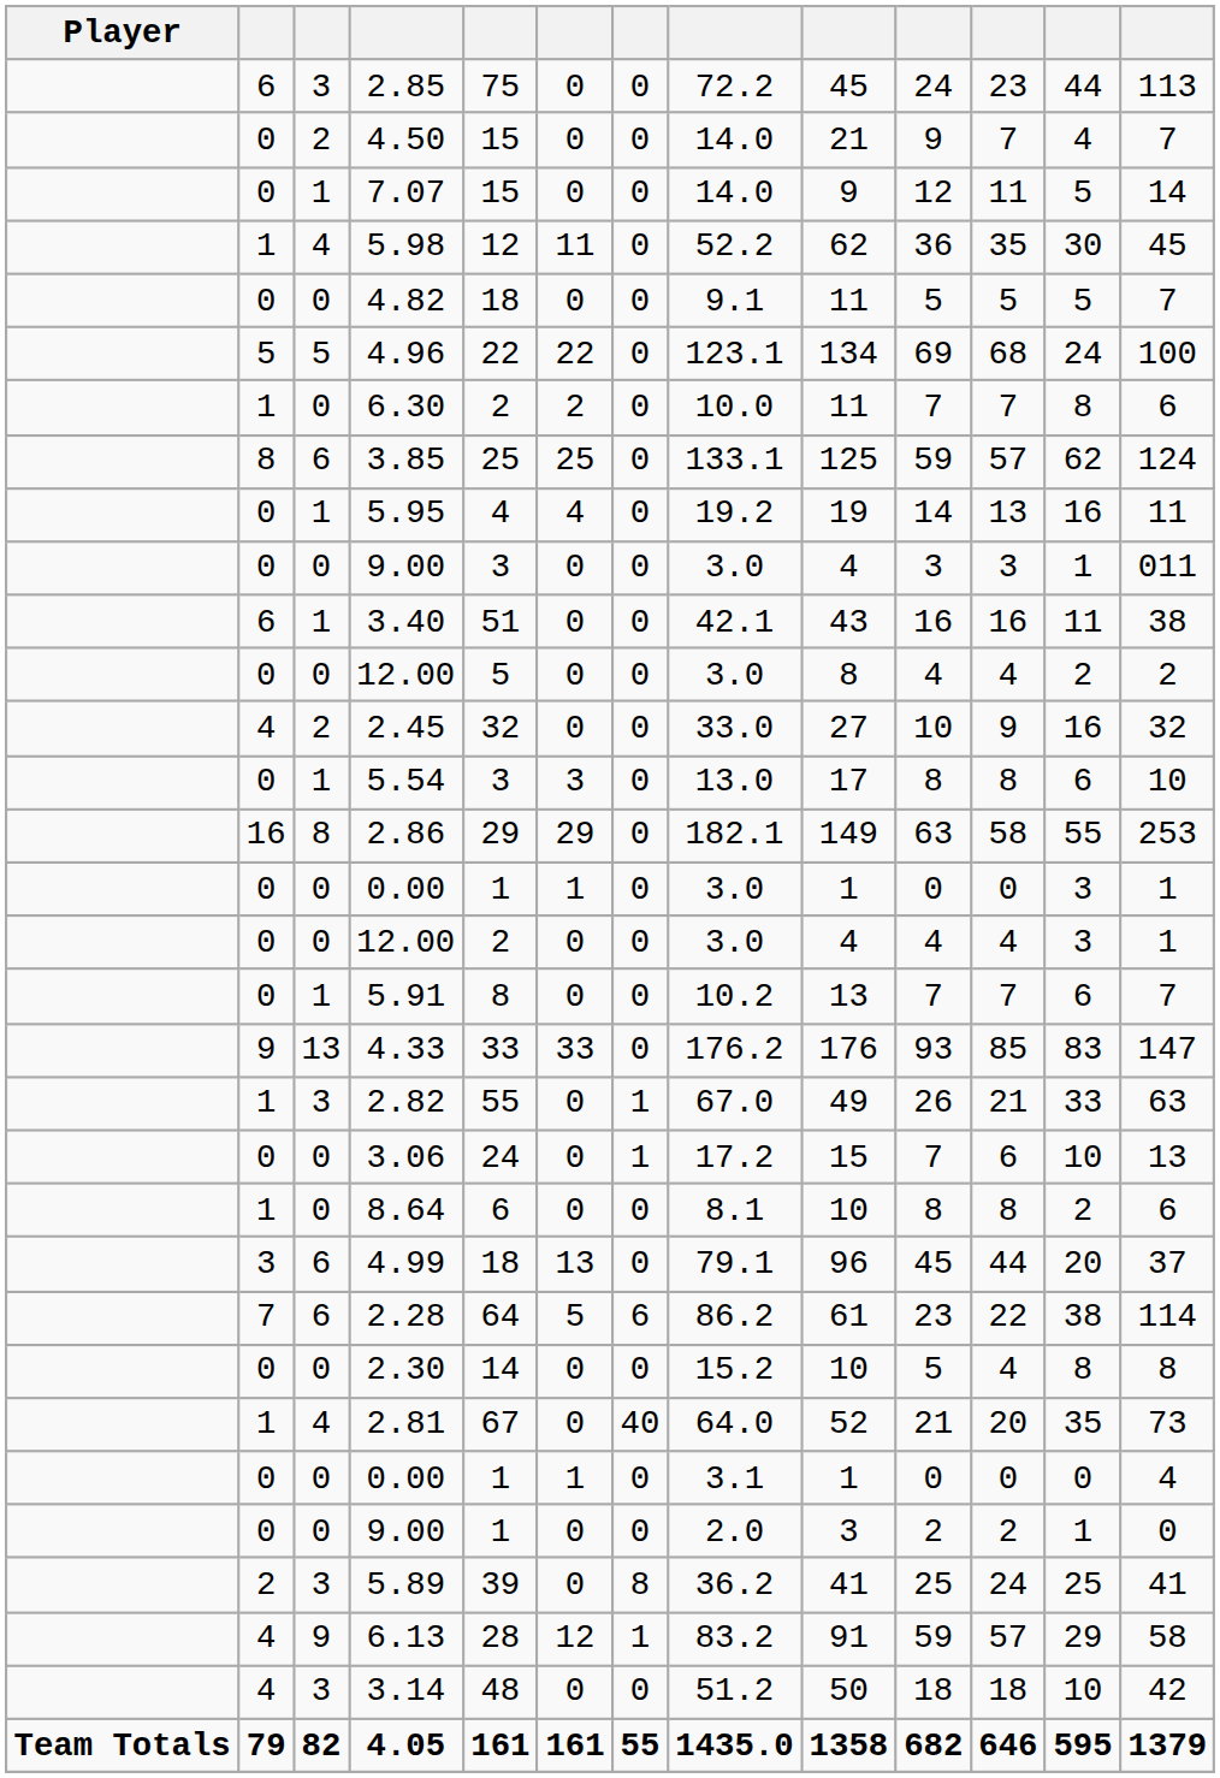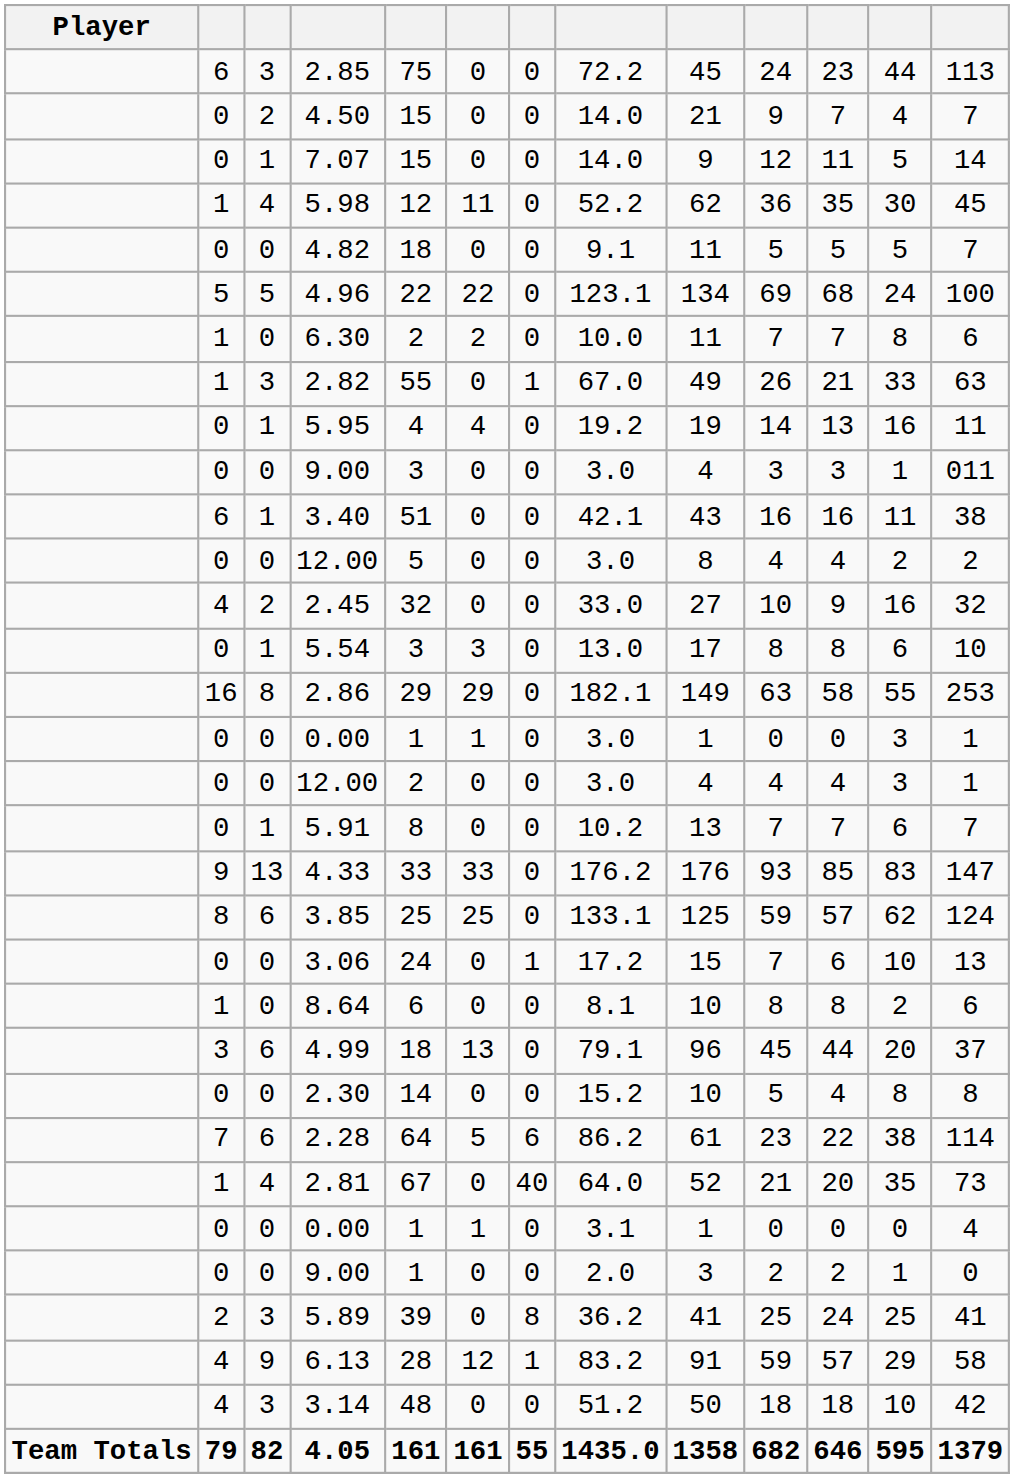 <table class="wikitable sortable" style="text-align:center;">
 <tr>
 <th>Player</th>
 <th></th>
 <th></th>
 <th></th>
 <th></th>
 <th></th>
 <th></th>
 <th></th>
 <th></th>
 <th></th>
 <th></th>
 <th></th>
 <th></th>
 </tr>
 <tr>
 <td align=left></td>
 <td>6</td>
 <td>3</td>
 <td>2.85</td>
 <td>75</td>
 <td>0</td>
 <td>0</td>
 <td>72.2</td>
 <td>45</td>
 <td>24</td>
 <td>23</td>
 <td>44</td>
 <td>113</td>
 </tr>
 <tr>
 <td align=left></td>
 <td>0</td>
 <td>2</td>
 <td>4.50</td>
 <td>15</td>
 <td>0</td>
 <td>0</td>
 <td>14.0</td>
 <td>21</td>
 <td>9</td>
 <td>7</td>
 <td>4</td>
 <td>7</td>
 </tr>
 <tr>
 <td align=left></td>
 <td>0</td>
 <td>1</td>
 <td>7.07</td>
 <td>15</td>
 <td>0</td>
 <td>0</td>
 <td>14.0</td>
 <td>9</td>
 <td>12</td>
 <td>11</td>
 <td>5</td>
 <td>14</td>
 </tr>
 <tr>
 <td align=left></td>
 <td>1</td>
 <td>4</td>
 <td>5.98</td>
 <td>12</td>
 <td>11</td>
 <td>0</td>
 <td>52.2</td>
 <td>62</td>
 <td>36</td>
 <td>35</td>
 <td>30</td>
 <td>45</td>
 </tr>
 <tr>
 <td align=left></td>
 <td>0</td>
 <td>0</td>
 <td>4.82</td>
 <td>18</td>
 <td>0</td>
 <td>0</td>
 <td>9.1</td>
 <td>11</td>
 <td>5</td>
 <td>5</td>
 <td>5</td>
 <td>7</td>
 </tr>
 <tr>
 <td align=left></td>
 <td>5</td>
 <td>5</td>
 <td>4.96</td>
 <td>22</td>
 <td>22</td>
 <td>0</td>
 <td>123.1</td>
 <td>134</td>
 <td>69</td>
 <td>68</td>
 <td>24</td>
 <td>100</td>
 </tr>
 <tr>
 <td align=left></td>
 <td>1</td>
 <td>0</td>
 <td>6.30</td>
 <td>2</td>
 <td>2</td>
 <td>0</td>
 <td>10.0</td>
 <td>11</td>
 <td>7</td>
 <td>7</td>
 <td>8</td>
 <td>6</td>
 </tr>
 <tr>
 <td align=left></td>
-<td>8</td>
-<td>6</td>
-<td>3.85</td>
-<td>25</td>
-<td>25</td>
+<td>1</td>
+<td>3</td>
+<td>2.82</td>
+<td>55</td>
 <td>0</td>
-<td>133.1</td>
-<td>125</td>
-<td>59</td>
-<td>57</td>
-<td>62</td>
-<td>124</td>
+<td>1</td>
+<td>67.0</td>
+<td>49</td>
+<td>26</td>
+<td>21</td>
+<td>33</td>
+<td>63</td>
 </tr>
 <tr>
 <td align=left></td>
 <td>0</td>
 <td>1</td>
 <td>5.95</td>
 <td>4</td>
 <td>4</td>
 <td>0</td>
 <td>19.2</td>
 <td>19</td>
 <td>14</td>
 <td>13</td>
 <td>16</td>
 <td>11</td>
 </tr>
 <tr>
 <td align=left></td>
 <td>0</td>
 <td>0</td>
 <td>9.00</td>
 <td>3</td>
 <td>0</td>
 <td>0</td>
 <td>3.0</td>
 <td>4</td>
 <td>3</td>
 <td>3</td>
 <td>1</td>
 <td>011</td>
 </tr>
 <tr>
 <td align=left></td>
 <td>6</td>
 <td>1</td>
 <td>3.40</td>
 <td>51</td>
 <td>0</td>
 <td>0</td>
 <td>42.1</td>
 <td>43</td>
 <td>16</td>
 <td>16</td>
 <td>11</td>
 <td>38</td>
 </tr>
 <tr>
 <td align=left></td>
 <td>0</td>
 <td>0</td>
 <td>12.00</td>
 <td>5</td>
 <td>0</td>
 <td>0</td>
 <td>3.0</td>
 <td>8</td>
 <td>4</td>
 <td>4</td>
 <td>2</td>
 <td>2</td>
 </tr>
 <tr>
 <td align=left></td>
 <td>4</td>
 <td>2</td>
 <td>2.45</td>
 <td>32</td>
 <td>0</td>
 <td>0</td>
 <td>33.0</td>
 <td>27</td>
 <td>10</td>
 <td>9</td>
 <td>16</td>
 <td>32</td>
 </tr>
 <tr>
 <td align=left></td>
 <td>0</td>
 <td>1</td>
 <td>5.54</td>
 <td>3</td>
 <td>3</td>
 <td>0</td>
 <td>13.0</td>
 <td>17</td>
 <td>8</td>
 <td>8</td>
 <td>6</td>
 <td>10</td>
 </tr>
 <tr>
 <td align=left></td>
 <td>16</td>
 <td>8</td>
 <td>2.86</td>
 <td>29</td>
 <td>29</td>
 <td>0</td>
 <td>182.1</td>
 <td>149</td>
 <td>63</td>
 <td>58</td>
 <td>55</td>
 <td>253</td>
 </tr>
 <tr>
 <td align=left></td>
 <td>0</td>
 <td>0</td>
 <td>0.00</td>
 <td>1</td>
 <td>1</td>
 <td>0</td>
 <td>3.0</td>
 <td>1</td>
 <td>0</td>
 <td>0</td>
 <td>3</td>
 <td>1</td>
 </tr>
 <tr>
 <td align=left></td>
 <td>0</td>
 <td>0</td>
 <td>12.00</td>
 <td>2</td>
 <td>0</td>
 <td>0</td>
 <td>3.0</td>
 <td>4</td>
 <td>4</td>
 <td>4</td>
 <td>3</td>
 <td>1</td>
 </tr>
 <tr>
 <td align=left></td>
 <td>0</td>
 <td>1</td>
 <td>5.91</td>
 <td>8</td>
 <td>0</td>
 <td>0</td>
 <td>10.2</td>
 <td>13</td>
 <td>7</td>
 <td>7</td>
 <td>6</td>
 <td>7</td>
 </tr>
 <tr>
 <td align=left></td>
 <td>9</td>
 <td>13</td>
 <td>4.33</td>
 <td>33</td>
 <td>33</td>
 <td>0</td>
 <td>176.2</td>
 <td>176</td>
 <td>93</td>
 <td>85</td>
 <td>83</td>
 <td>147</td>
 </tr>
 <tr>
 <td align=left></td>
-<td>1</td>
-<td>3</td>
-<td>2.82</td>
-<td>55</td>
+<td>8</td>
+<td>6</td>
+<td>3.85</td>
+<td>25</td>
+<td>25</td>
 <td>0</td>
-<td>1</td>
-<td>67.0</td>
-<td>49</td>
-<td>26</td>
-<td>21</td>
-<td>33</td>
-<td>63</td>
+<td>133.1</td>
+<td>125</td>
+<td>59</td>
+<td>57</td>
+<td>62</td>
+<td>124</td>
 </tr>
 <tr>
 <td align=left></td>
 <td>0</td>
 <td>0</td>
 <td>3.06</td>
 <td>24</td>
 <td>0</td>
 <td>1</td>
 <td>17.2</td>
 <td>15</td>
 <td>7</td>
 <td>6</td>
 <td>10</td>
 <td>13</td>
 </tr>
 <tr>
 <td align=left></td>
 <td>1</td>
 <td>0</td>
 <td>8.64</td>
 <td>6</td>
 <td>0</td>
 <td>0</td>
 <td>8.1</td>
 <td>10</td>
 <td>8</td>
 <td>8</td>
 <td>2</td>
 <td>6</td>
 </tr>
 <tr>
 <td align=left></td>
 <td>3</td>
 <td>6</td>
 <td>4.99</td>
 <td>18</td>
 <td>13</td>
 <td>0</td>
 <td>79.1</td>
 <td>96</td>
 <td>45</td>
 <td>44</td>
 <td>20</td>
 <td>37</td>
 </tr>
 <tr>
 <td align=left></td>
+<td>0</td>
+<td>0</td>
+<td>2.30</td>
+<td>14</td>
+<td>0</td>
+<td>0</td>
+<td>15.2</td>
+<td>10</td>
+<td>5</td>
+<td>4</td>
+<td>8</td>
+<td>8</td>
+</tr>
+<tr>
+<td align=left></td>
 <td>7</td>
 <td>6</td>
 <td>2.28</td>
 <td>64</td>
 <td 3>5</td>
 <td>6</td>
 <td>86.2</td>
 <td>61</td>
 <td>23</td>
 <td>22</td>
 <td>38</td>
 <td>114</td>
-</tr>
-<tr>
-<td align=left></td>
-<td>0</td>
-<td>0</td>
-<td>2.30</td>
-<td>14</td>
-<td>0</td>
-<td>0</td>
-<td>15.2</td>
-<td>10</td>
-<td>5</td>
-<td>4</td>
-<td>8</td>
-<td>8</td>
 </tr>
 <tr>
 <td align=left></td>
 <td>1</td>
 <td>4</td>
 <td>2.81</td>
 <td>67</td>
 <td>0</td>
 <td>40</td>
 <td>64.0</td>
 <td>52</td>
 <td>21</td>
 <td>20</td>
 <td>35</td>
 <td>73</td>
 </tr>
 <tr>
 <td align=left></td>
 <td>0</td>
 <td>0</td>
 <td>0.00</td>
 <td>1</td>
 <td>1</td>
 <td>0</td>
 <td>3.1</td>
 <td>1</td>
 <td>0</td>
 <td>0</td>
 <td>0</td>
 <td>4</td>
 </tr>
 <tr>
 <td align=left></td>
 <td>0</td>
 <td>0</td>
 <td>9.00</td>
 <td>1</td>
 <td>0</td>
 <td>0</td>
 <td>2.0</td>
 <td>3</td>
 <td>2</td>
 <td>2</td>
 <td>1</td>
 <td>0</td>
 </tr>
 <tr>
 <td align=left></td>
 <td>2</td>
 <td>3</td>
 <td>5.89</td>
 <td>39</td>
 <td>0</td>
 <td>8</td>
 <td>36.2</td>
 <td>41</td>
 <td 14>25</td>
 <td>24</td>
 <td>25</td>
 <td>41</td>
 </tr>
 <tr>
 <td align=left></td>
 <td>4</td>
 <td>9</td>
 <td>6.13</td>
 <td>28</td>
 <td>12</td>
 <td>1</td>
 <td>83.2</td>
 <td>91</td>
 <td>59</td>
 <td>57</td>
 <td>29</td>
 <td>58</td>
 </tr>
 <tr>
 <td align=left></td>
 <td>4</td>
 <td>3</td>
 <td>3.14</td>
 <td>48</td>
 <td>0</td>
 <td>0</td>
 <td>51.2</td>
 <td>50</td>
 <td>18</td>
 <td>18</td>
 <td>10</td>
 <td>42</td>
 </tr>
 <tr>
 <td align=left><strong>Team Totals</strong></td>
 <td><strong>79</strong></td>
 <td><strong>82</strong></td>
 <td><strong>4.05</strong></td>
 <td><strong>161</strong></td>
 <td><strong>161</strong></td>
 <td><strong>55</strong></td>
 <td><strong>1435.0</strong></td>
 <td><strong>1358</strong></td>
 <td><strong>682</strong></td>
 <td><strong>646</strong></td>
 <td><strong>595</strong></td>
 <td><strong>1379</strong></td>
 </tr>
 <tr class=="sortbottom">
 </tr>
 </table>
